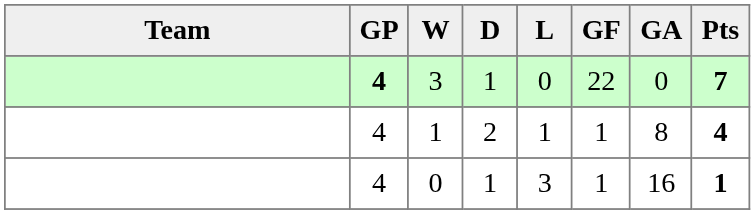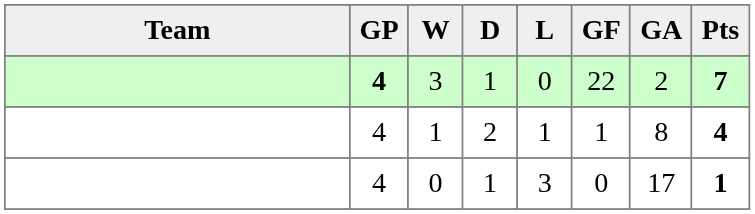 <table style=border-collapse:collapse border=1 cellspacing=0 cellpadding=5>
 <tr align=center bgcolor=#efefef>
 <th width=185>Team</th>
 <th width=20>GP</th>
 <th width=20>W</th>
 <th width=20>D</th>
 <th width=20>L</th>
 <th width=20>GF</th>
 <th width=20>GA</th>
 <th width=20>Pts</th>
 </tr>
 <tr bgcolor=#ccffcc align=center>
 <td style="text-align:left;"></td>
 <td><strong>4</strong></td>
 <td>3</td>
 <td>1</td>
 <td>0</td>
 <td>22</td>
-<td>0</td>
+<td>2</td>
 <td><strong>7</strong></td>
 </tr>
 <tr align=center>
 <td style="text-align:left;"></td>
 <td>4</td>
 <td>1</td>
 <td>2</td>
 <td>1</td>
 <td>1</td>
 <td>8</td>
 <td><strong>4</strong></td>
 </tr>
 <tr align=center>
 <td style="text-align:left;"></td>
 <td>4</td>
 <td>0</td>
 <td>1</td>
 <td>3</td>
-<td>1</td>
-<td>16</td>
+<td>0</td>
+<td>17</td>
 <td><strong>1</strong></td>
 </tr>
 </table>
